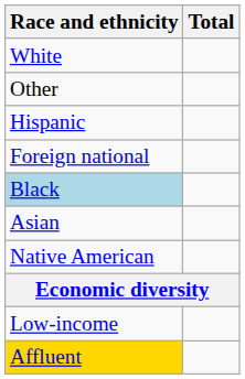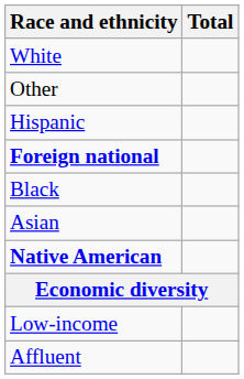 <table class="wikitable floatright sortable collapsible"; text-align:right; font-size:80%;">
 <tr>
 <th>Race and ethnicity</th>
 <th colspan="2" data-sort-type=number>Total</th>
 </tr>
 <tr>
 <td><a href='#'>White</a></td>
 <td align=right></td>
 </tr>
 <tr>
 <td>Other</td>
 <td align=right></td>
 </tr>
 <tr>
 <td><a href='#'>Hispanic</a></td>
 <td align=right></td>
 </tr>
 <tr>
-<td><a href='#'>Foreign national</a></td>
+<td><strong><a href='#'>Foreign national</a></strong></td>
 <td align=right></td>
 </tr>
 <tr>
-<td style="background: lightblue;"><a href='#'>Black</a></td>
+<td><a href='#'>Black</a></td>
 <td align=right></td>
 </tr>
 <tr>
 <td><a href='#'>Asian</a></td>
 <td align=right></td>
 </tr>
 <tr>
-<td><a href='#'>Native American</a></td>
+<td><strong><a href='#'>Native American</a></strong></td>
 <td align=right></td>
 </tr>
 <tr>
 <th colspan="4" data-sort-type=number><a href='#'>Economic diversity</a></th>
 </tr>
 <tr>
 <td><a href='#'>Low-income</a></td>
 <td align=right></td>
 </tr>
 <tr>
-<td style="background: gold;"><a href='#'>Affluent</a></td>
+<td><a href='#'>Affluent</a></td>
 <td align=right></td>
 </tr>
 </table>
